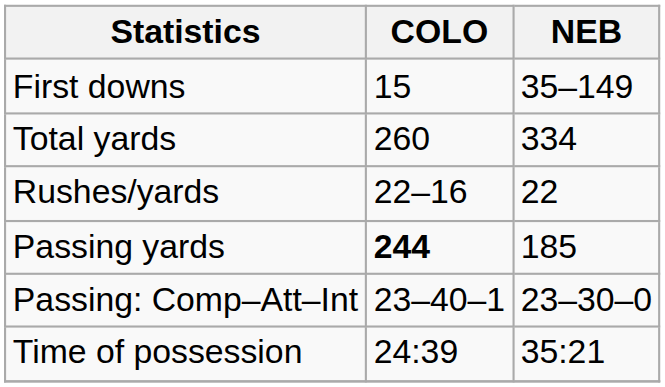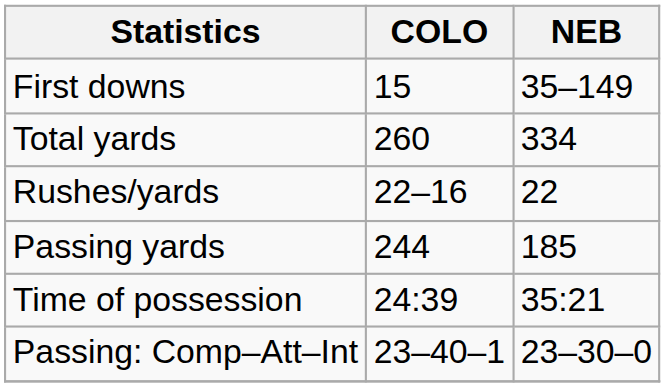 <table class="wikitable" style="float: left;">
 <tr>
 <th>Statistics</th>
 <th>COLO</th>
 <th>NEB</th>
 </tr>
 <tr>
 <td>First downs</td>
 <td>15</td>
 <td>35–149</td>
 </tr>
 <tr>
 <td>Total yards</td>
 <td>260</td>
 <td>334</td>
 </tr>
 <tr>
 <td>Rushes/yards</td>
 <td>22–16</td>
 <td>22</td>
 </tr>
 <tr>
 <td>Passing yards</td>
-<td><strong>244</strong></td>
+<td>244</td>
 <td>185</td>
+</tr>
+<tr>
+<td>Time of possession</td>
+<td>24:39</td>
+<td>35:21</td>
 </tr>
 <tr>
 <td>Passing: Comp–Att–Int</td>
 <td>23–40–1</td>
 <td>23–30–0</td>
 </tr>
 <tr>
-<td>Time of possession</td>
-<td>24:39</td>
-<td>35:21</td>
-</tr>
-<tr>
 </tr>
 </table>
